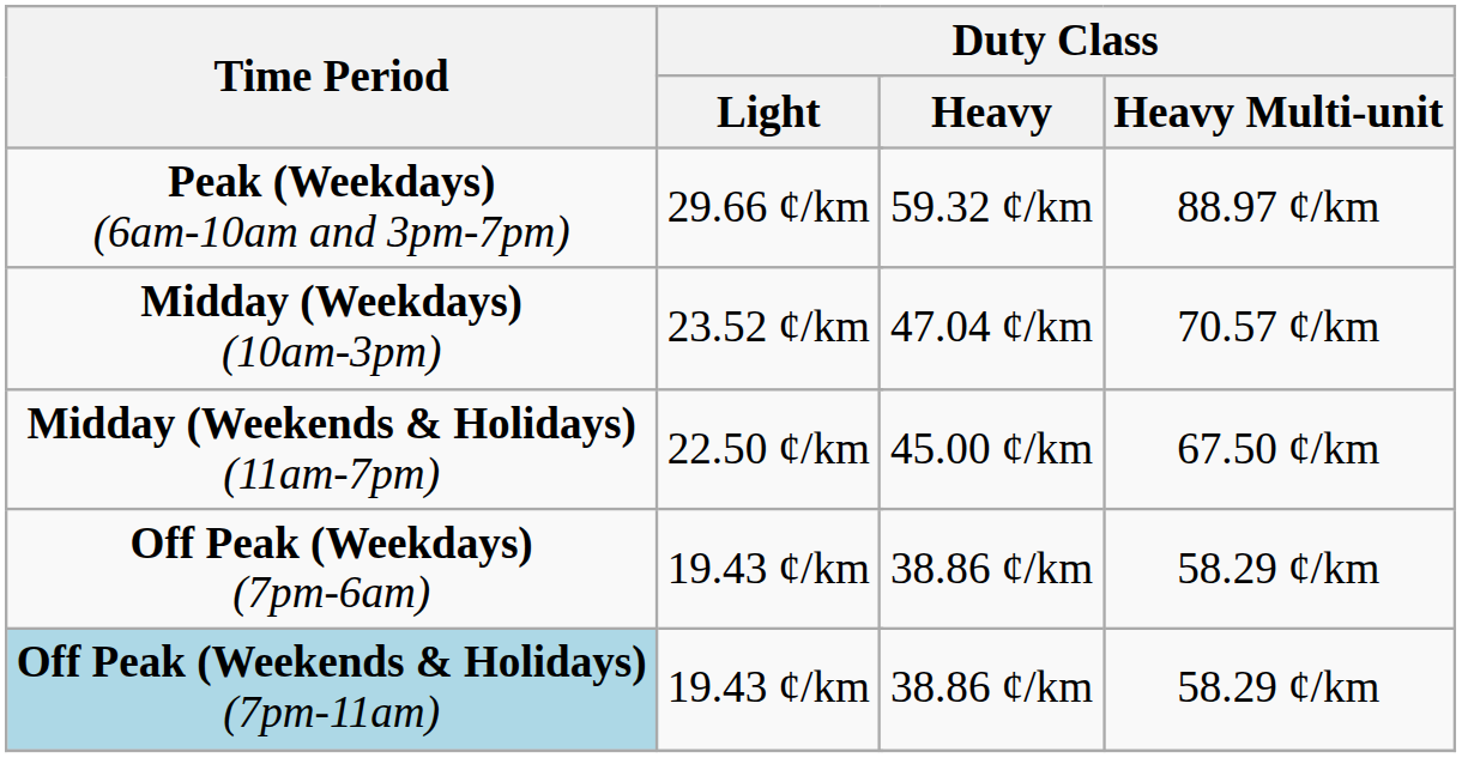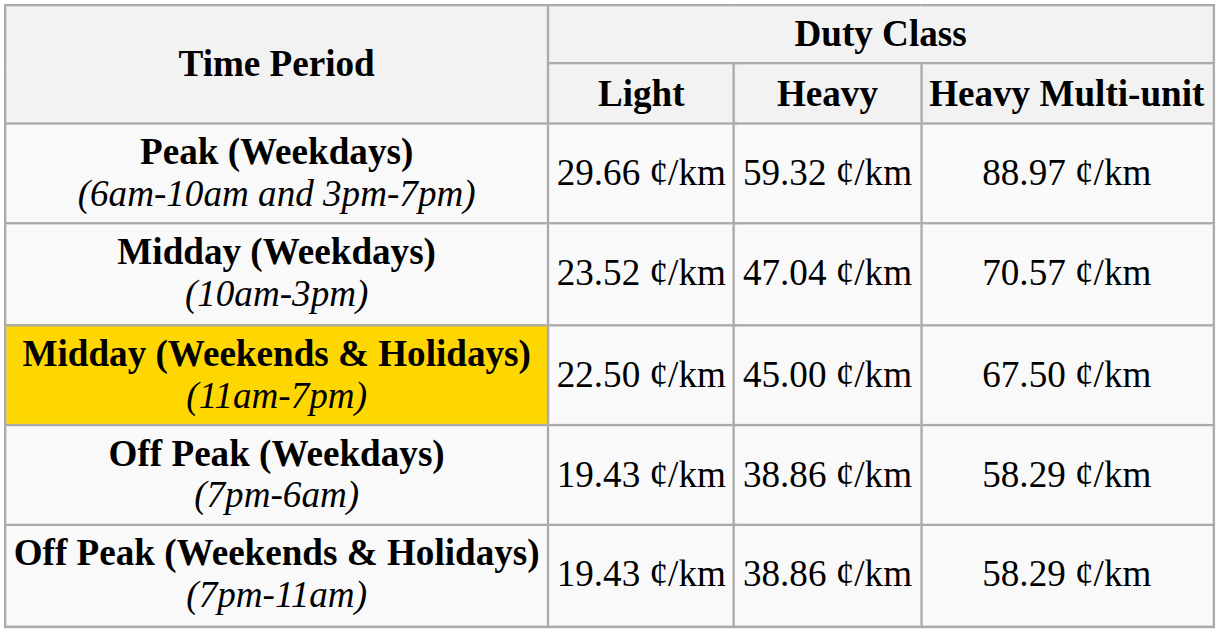 <table class="wikitable" style="text-align:center;">
 <tr>
 <th rowspan = 2>Time Period</th>
 <th colspan = 6>Duty Class</th>
 </tr>
 <tr>
 <th colspan= 2>Light</th>
 <th colspan= 2>Heavy</th>
 <th colspan= 2>Heavy Multi-unit</th>
 </tr>
 <tr>
 <td><strong>Peak (Weekdays)</strong> <br> <em>(6am-10am and 3pm-7pm)</em></td>
 <td colspan= 2>29.66 ¢/km</td>
 <td colspan= 2>59.32 ¢/km</td>
 <td colspan= 2>88.97 ¢/km</td>
 </tr>
 <tr>
 <td><strong>Midday (Weekdays)</strong> <br> <em>(10am-3pm)</em></td>
 <td colspan= 2>23.52 ¢/km</td>
 <td colspan= 2>47.04 ¢/km</td>
 <td colspan= 2>70.57 ¢/km</td>
 </tr>
 <tr>
-<td><strong>Midday (Weekends & Holidays)</strong> <br> <em>(11am-7pm)</em></td>
+<td style="background: gold;"><strong>Midday (Weekends & Holidays)</strong> <br> <em>(11am-7pm)</em></td>
 <td colspan= 2>22.50 ¢/km</td>
 <td colspan= 2>45.00 ¢/km</td>
 <td colspan= 2>67.50 ¢/km</td>
 </tr>
 <tr>
 <td><strong>Off Peak (Weekdays)</strong> <br> <em>(7pm-6am)</em></td>
 <td colspan= 2>19.43 ¢/km</td>
 <td colspan= 2>38.86 ¢/km</td>
 <td colspan= 2>58.29 ¢/km</td>
 </tr>
 <tr>
-<td style="background: lightblue;"><strong>Off Peak (Weekends & Holidays)</strong> <br> <em>(7pm-11am)</em></td>
+<td><strong>Off Peak (Weekends & Holidays)</strong> <br> <em>(7pm-11am)</em></td>
 <td colspan= 2>19.43 ¢/km</td>
 <td colspan= 2>38.86 ¢/km</td>
 <td colspan= 2>58.29 ¢/km</td>
 </tr>
 <tr>
 </tr>
 </table>
